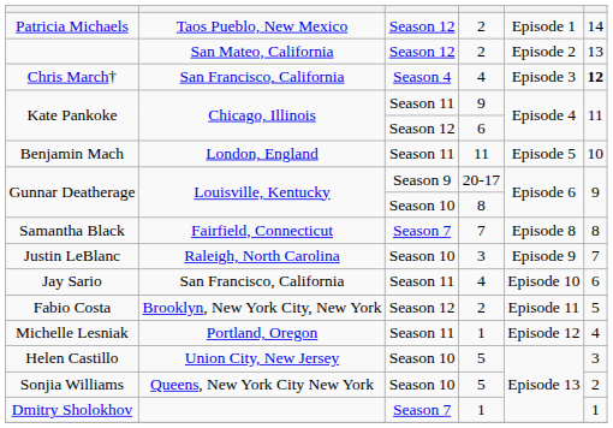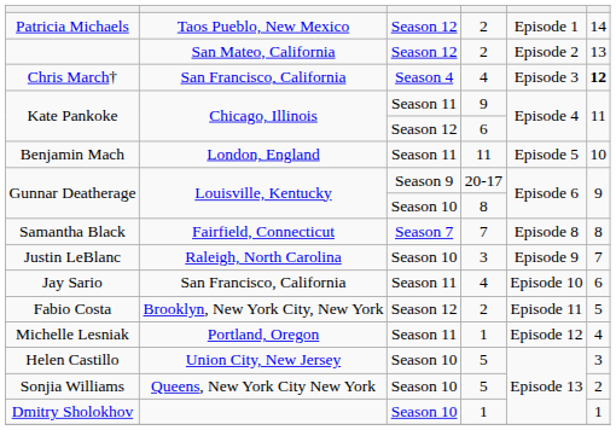 <table class="wikitable sortable" style="text-align:center;">
 <tr>
 <th></th>
 <th></th>
 <th></th>
 <th></th>
 <th></th>
 <th></th>
 </tr>
 <tr>
 <td><a href='#'>Patricia Michaels</a></td>
 <td><a href='#'>Taos Pueblo, New Mexico</a></td>
 <td><a href='#'>Season 12</a></td>
 <td>2</td>
 <td>Episode 1</td>
 <td>14</td>
 </tr>
 <tr>
 <td></td>
 <td><a href='#'>San Mateo, California</a></td>
 <td><a href='#'>Season 12</a></td>
 <td>2</td>
 <td>Episode 2</td>
 <td>13</td>
 </tr>
 <tr>
 <td><a href='#'>Chris March</a>†</td>
 <td><a href='#'>San Francisco, California</a></td>
 <td><a href='#'>Season 4</a></td>
 <td>4</td>
 <td>Episode 3</td>
 <td><strong>12</strong></td>
 </tr>
 <tr>
 <td rowspan="2">Kate Pankoke</td>
 <td rowspan="2"><a href='#'>Chicago, Illinois</a></td>
 <td>Season 11</td>
 <td>9</td>
 <td rowspan="2">Episode 4</td>
 <td rowspan="2">11</td>
 </tr>
 <tr>
 <td>Season 12</td>
 <td>6</td>
 </tr>
 <tr>
 <td>Benjamin Mach</td>
 <td><a href='#'>London, England</a></td>
 <td>Season 11</td>
 <td>11</td>
 <td>Episode 5</td>
 <td>10</td>
 </tr>
 <tr>
 <td rowspan="2">Gunnar Deatherage</td>
 <td rowspan="2"><a href='#'>Louisville, Kentucky</a></td>
 <td>Season 9</td>
 <td>20-17</td>
 <td rowspan="2">Episode 6</td>
 <td rowspan="2">9</td>
 </tr>
 <tr>
 <td>Season 10</td>
 <td>8</td>
 </tr>
 <tr>
 <td>Samantha Black</td>
 <td><a href='#'>Fairfield, Connecticut</a></td>
 <td><a href='#'>Season 7</a></td>
 <td>7</td>
 <td>Episode 8</td>
 <td>8</td>
 </tr>
 <tr>
 <td>Justin LeBlanc</td>
 <td><a href='#'>Raleigh, North Carolina</a></td>
 <td>Season 10</td>
 <td>3</td>
 <td>Episode 9</td>
 <td>7</td>
 </tr>
 <tr>
 <td>Jay Sario</td>
 <td>San Francisco, California</td>
 <td>Season 11</td>
 <td>4</td>
 <td>Episode 10</td>
 <td>6</td>
 </tr>
 <tr>
 <td>Fabio Costa</td>
 <td><a href='#'>Brooklyn</a>, New York City, New York</td>
 <td>Season 12</td>
 <td>2</td>
 <td>Episode 11</td>
 <td>5</td>
 </tr>
 <tr>
 <td>Michelle Lesniak</td>
 <td><a href='#'>Portland, Oregon</a></td>
 <td>Season 11</td>
 <td>1</td>
 <td>Episode 12</td>
 <td>4</td>
 </tr>
 <tr>
 <td>Helen Castillo</td>
 <td><a href='#'>Union City, New Jersey</a></td>
 <td>Season 10</td>
 <td>5</td>
 <td rowspan="3">Episode 13</td>
 <td>3</td>
 </tr>
 <tr>
 <td>Sonjia Williams</td>
 <td><a href='#'>Queens</a>, New York City New York</td>
 <td>Season 10</td>
 <td>5</td>
 <td>2</td>
 </tr>
 <tr>
 <td><a href='#'>Dmitry Sholokhov</a></td>
 <td></td>
-<td><a href='#'>Season 7</a></td>
+<td><a href='#'>Season 10</a></td>
 <td>1</td>
 <td>1</td>
 </tr>
 <tr>
 </tr>
 </table>
